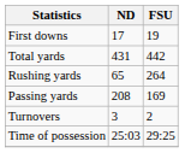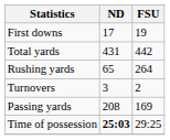 <table class="wikitable">
 <tr>
 <th>Statistics</th>
 <th>ND</th>
 <th>FSU</th>
 </tr>
 <tr>
 <td>First downs</td>
 <td>17</td>
 <td>19</td>
 </tr>
 <tr>
 <td>Total yards</td>
 <td>431</td>
 <td>442</td>
 </tr>
 <tr>
 <td>Rushing yards</td>
 <td>65</td>
 <td>264</td>
 </tr>
 <tr>
+<td>Turnovers</td>
+<td>3</td>
+<td>2</td>
+</tr>
+<tr>
 <td>Passing yards</td>
 <td>208</td>
 <td>169</td>
 </tr>
 <tr>
-<td>Turnovers</td>
-<td>3</td>
-<td>2</td>
-</tr>
-<tr>
 <td>Time of possession</td>
-<td>25:03</td>
+<td><strong>25:03</strong></td>
 <td>29:25</td>
 </tr>
 <tr>
 </tr>
 </table>
